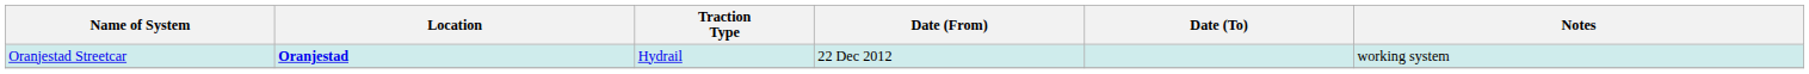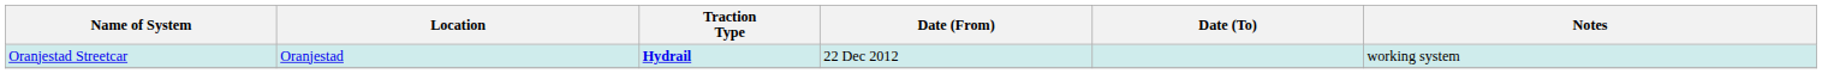 <table class="wikitable" width=100%>
 <tr>
 <th width=15%>Name of System</th>
 <th width=20%>Location</th>
 <th width=10%>Traction<br>Type</th>
 <th width=15%>Date (From)</th>
 <th width=15%>Date (To)</th>
 <th width=25%>Notes</th>
 </tr>
 <tr>
 <td style="background:#CFECEC"><a href='#'>Oranjestad Streetcar</a></td>
-<td style="background:#CFECEC"><strong><a href='#'>Oranjestad</a></strong></td>
-<td style="background:#CFECEC"><a href='#'>Hydrail</a></td>
+<td style="background:#CFECEC"><a href='#'>Oranjestad</a></td>
+<td style="background:#CFECEC"><strong><a href='#'>Hydrail</a></strong></td>
 <td style="background:#CFECEC">22 Dec 2012</td>
 <td style="background:#CFECEC"> </td>
 <td style="background:#CFECEC">working system</td>
 </tr>
 <tr>
 </tr>
 </table>
